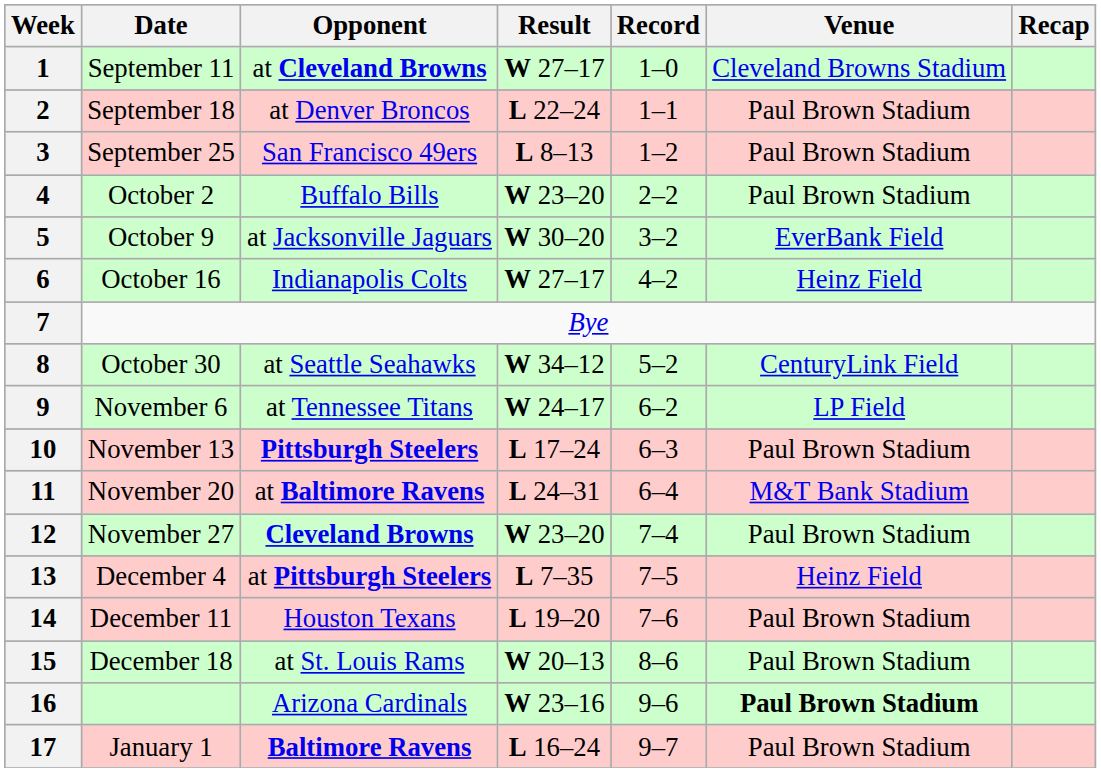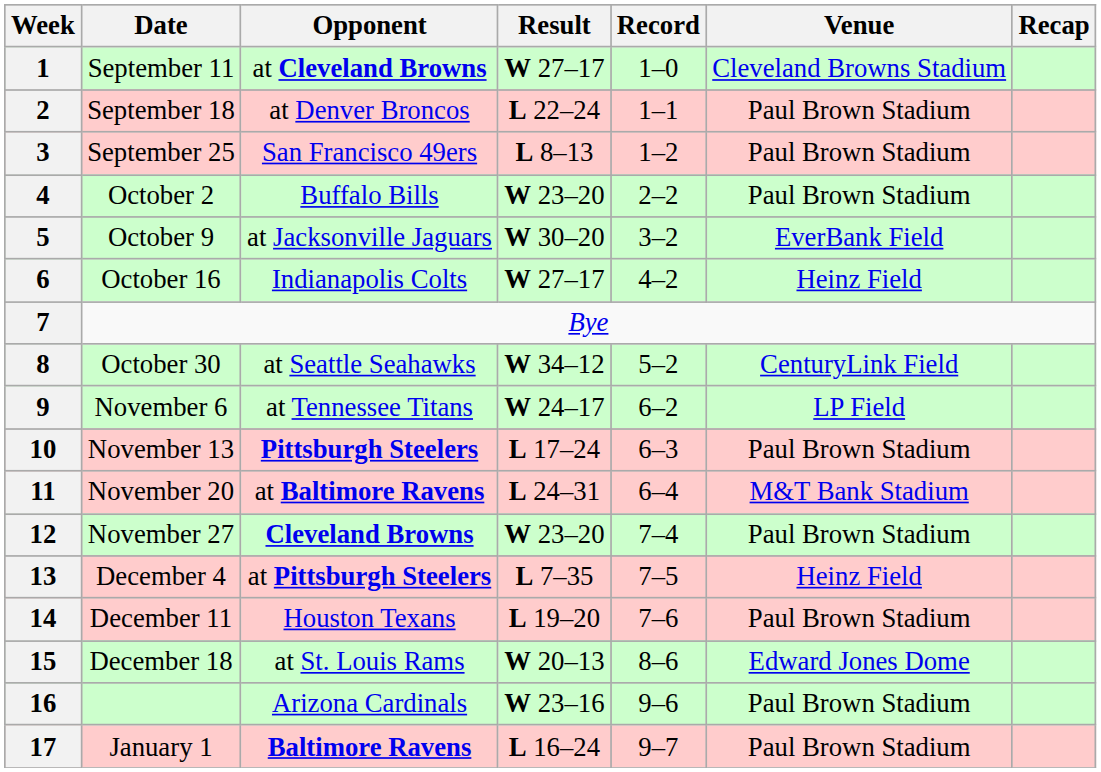 <table class="wikitable" style="text-align:center">
 <tr>
 <th>Week</th>
 <th>Date</th>
 <th>Opponent</th>
 <th>Result</th>
 <th>Record</th>
 <th>Venue</th>
 <th>Recap</th>
 </tr>
 <tr style="background:#cfc">
 <th>1</th>
 <td>September 11</td>
 <td>at <strong><a href='#'>Cleveland Browns</a></strong></td>
 <td><strong>W</strong> 27–17</td>
 <td>1–0</td>
 <td><a href='#'>Cleveland Browns Stadium</a></td>
 <td></td>
 </tr>
 <tr style="background:#fcc">
 <th>2</th>
 <td>September 18</td>
 <td>at <a href='#'>Denver Broncos</a></td>
 <td><strong>L</strong> 22–24</td>
 <td>1–1</td>
 <td>Paul Brown Stadium</td>
 <td></td>
 </tr>
 <tr style="background:#fcc">
 <th>3</th>
 <td>September 25</td>
 <td><a href='#'>San Francisco 49ers</a></td>
 <td><strong>L</strong> 8–13</td>
 <td>1–2</td>
 <td>Paul Brown Stadium</td>
 <td></td>
 </tr>
 <tr style="background:#cfc">
 <th>4</th>
 <td>October 2</td>
 <td><a href='#'>Buffalo Bills</a></td>
 <td><strong>W</strong> 23–20</td>
 <td>2–2</td>
 <td>Paul Brown Stadium</td>
 <td></td>
 </tr>
 <tr style="background:#cfc">
 <th>5</th>
 <td>October 9</td>
 <td>at <a href='#'>Jacksonville Jaguars</a></td>
 <td><strong>W</strong> 30–20</td>
 <td>3–2</td>
 <td><a href='#'>EverBank Field</a></td>
 <td></td>
 </tr>
 <tr style="background:#cfc">
 <th>6</th>
 <td>October 16</td>
 <td><a href='#'>Indianapolis Colts</a></td>
 <td><strong>W</strong> 27–17</td>
 <td>4–2</td>
 <td><a href='#'>Heinz Field</a></td>
 <td></td>
 </tr>
 <tr>
 <th>7</th>
 <td colspan="6"><em><a href='#'>Bye</a></em></td>
 </tr>
 <tr style="background:#cfc">
 <th>8</th>
 <td>October 30</td>
 <td>at <a href='#'>Seattle Seahawks</a></td>
 <td><strong>W</strong> 34–12</td>
 <td>5–2</td>
 <td><a href='#'>CenturyLink Field</a></td>
 <td></td>
 </tr>
 <tr style="background:#cfc">
 <th>9</th>
 <td>November 6</td>
 <td>at <a href='#'>Tennessee Titans</a></td>
 <td><strong>W</strong> 24–17</td>
 <td>6–2</td>
 <td><a href='#'>LP Field</a></td>
 <td></td>
 </tr>
 <tr style="background:#fcc">
 <th>10</th>
 <td>November 13</td>
 <td><strong><a href='#'>Pittsburgh Steelers</a></strong></td>
 <td><strong>L</strong> 17–24</td>
 <td>6–3</td>
 <td>Paul Brown Stadium</td>
 <td></td>
 </tr>
 <tr style="background:#fcc">
 <th>11</th>
 <td>November 20</td>
 <td>at <strong><a href='#'>Baltimore Ravens</a></strong></td>
 <td><strong>L</strong> 24–31</td>
 <td>6–4</td>
 <td><a href='#'>M&T Bank Stadium</a></td>
 <td></td>
 </tr>
 <tr style="background:#cfc">
 <th>12</th>
 <td>November 27</td>
 <td><strong><a href='#'>Cleveland Browns</a></strong></td>
 <td><strong>W</strong> 23–20</td>
 <td>7–4</td>
 <td>Paul Brown Stadium</td>
 <td></td>
 </tr>
 <tr style="background:#fcc">
 <th>13</th>
 <td>December 4</td>
 <td>at <strong><a href='#'>Pittsburgh Steelers</a></strong></td>
 <td><strong>L</strong> 7–35</td>
 <td>7–5</td>
 <td><a href='#'>Heinz Field</a></td>
 <td></td>
 </tr>
 <tr style="background:#fcc">
 <th>14</th>
 <td>December 11</td>
 <td><a href='#'>Houston Texans</a></td>
 <td><strong>L</strong> 19–20</td>
 <td>7–6</td>
 <td>Paul Brown Stadium</td>
 <td></td>
 </tr>
 <tr style="background:#cfc">
 <th>15</th>
 <td>December 18</td>
 <td>at <a href='#'>St. Louis Rams</a></td>
 <td><strong>W</strong> 20–13</td>
 <td>8–6</td>
-<td>Paul Brown Stadium</td>
+<td><a href='#'>Edward Jones Dome</a></td>
 <td></td>
 </tr>
 <tr style="background:#cfc">
 <th>16</th>
 <td></td>
 <td><a href='#'>Arizona Cardinals</a></td>
 <td><strong>W</strong> 23–16</td>
 <td>9–6</td>
-<td><strong>Paul Brown Stadium</strong></td>
+<td>Paul Brown Stadium</td>
 <td></td>
 </tr>
 <tr style="background:#fcc">
 <th>17</th>
 <td>January 1</td>
 <td><strong><a href='#'>Baltimore Ravens</a></strong></td>
 <td><strong>L</strong> 16–24</td>
 <td>9–7</td>
 <td>Paul Brown Stadium</td>
 <td></td>
 </tr>
 </table>
